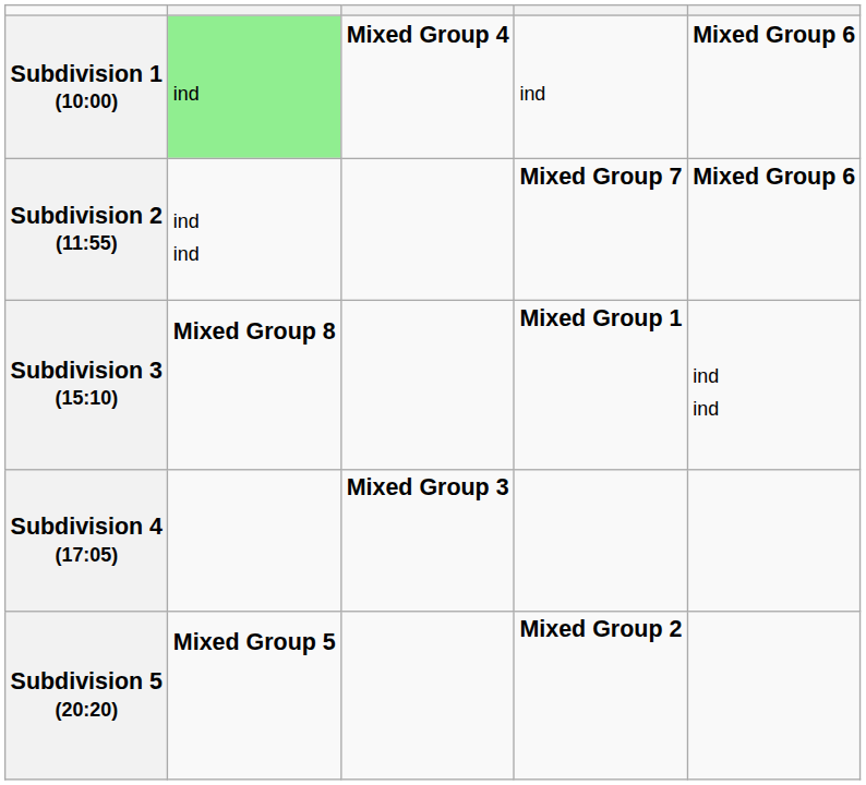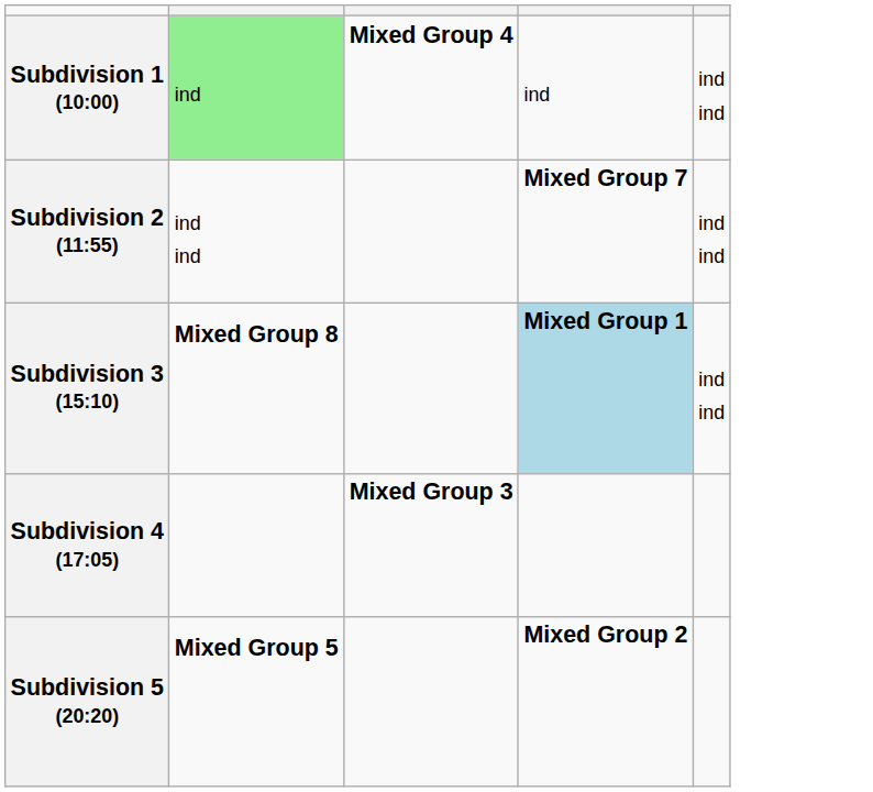 <table class="wikitable">
 <tr>
 <td></td>
 <th></th>
 <th></th>
 <th></th>
 <th></th>
 </tr>
 <tr>
 <th>Subdivision 1<br><small>(10:00)</small></th>
 <td style="background: lightgreen;"><strong></strong><br> <sup>ind</sup></td>
 <td><strong>Mixed Group 4</strong><br> <br> <br> <br> <br></td>
 <td><strong></strong><br> <sup>ind</sup></td>
-<td><strong>Mixed Group 6</strong><br> <br> <br> <br> <br></td>
+<td><strong></strong><br> <sup>ind</sup> <br> <sup>ind</sup></td>
 </tr>
 <tr>
 <th>Subdivision 2<br><small>(11:55)</small></th>
 <td><strong></strong><br> <sup>ind</sup> <br> <sup>ind</sup></td>
 <td><strong></strong></td>
 <td><strong>Mixed Group 7</strong><br> <br> <br> <br> <br></td>
-<td><strong>Mixed Group 6</strong><br> <br> <br> <br> <br></td>
+<td><strong></strong><br> <sup>ind</sup> <br> <sup>ind</sup></td>
 </tr>
 <tr>
 <th>Subdivision 3<br><small>(15:10)</small></th>
 <td><strong>Mixed Group 8</strong><br> <br> <br> <br> <br></td>
 <td><strong></strong></td>
-<td><strong>Mixed Group 1</strong><br> <br> <br> <br> <br> <br></td>
+<td style="background: lightblue;"><strong>Mixed Group 1</strong><br> <br> <br> <br> <br> <br></td>
 <td><strong></strong><br> <sup>ind</sup> <br> <sup>ind</sup></td>
 </tr>
 <tr>
 <th>Subdivision 4<br><small>(17:05)</small></th>
 <td><strong></strong></td>
 <td><strong>Mixed Group 3</strong><br> <br> <br> <br> <br></td>
 <td><strong></strong></td>
 <td><strong></strong></td>
 </tr>
 <tr>
 <th>Subdivision 5<br><small>(20:20)</small></th>
 <td><strong>Mixed Group 5</strong><br> <br> <br> <br> <br></td>
 <td><strong></strong></td>
 <td><strong>Mixed Group 2</strong><br> <br> <br> <br> <br> <br></td>
 <td><strong></strong></td>
 </tr>
 </table>
